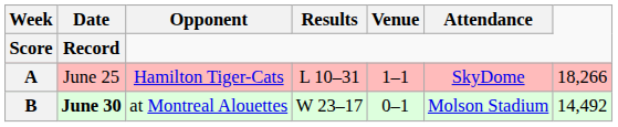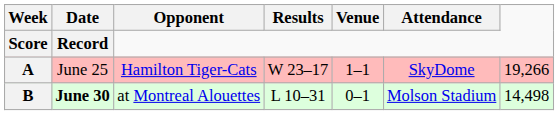 <table class="wikitable" style="text-align:center">
 <tr>
 <th>Week</th>
 <th>Date</th>
 <th>Opponent</th>
 <th>Results</th>
 <th>Venue</th>
 <th>Attendance</th>
 </tr>
 <tr>
 <th>Score</th>
 <th>Record</th>
 </tr>
 <tr style="background:#ffbbbb">
 <th>A</th>
 <td>June 25</td>
 <td><a href='#'>Hamilton Tiger-Cats</a></td>
-<td>L 10–31</td>
+<td>W 23–17</td>
 <td>1–1</td>
 <td><a href='#'>SkyDome</a></td>
-<td>18,266</td>
+<td>19,266</td>
 </tr>
 <tr style="background:#ddffdd">
 <th>B</th>
 <td><strong>June 30</strong></td>
 <td>at <a href='#'>Montreal Alouettes</a></td>
-<td>W 23–17</td>
+<td>L 10–31</td>
 <td>0–1</td>
 <td><a href='#'>Molson Stadium</a></td>
-<td>14,492</td>
+<td>14,498</td>
 </tr>
 </table>
